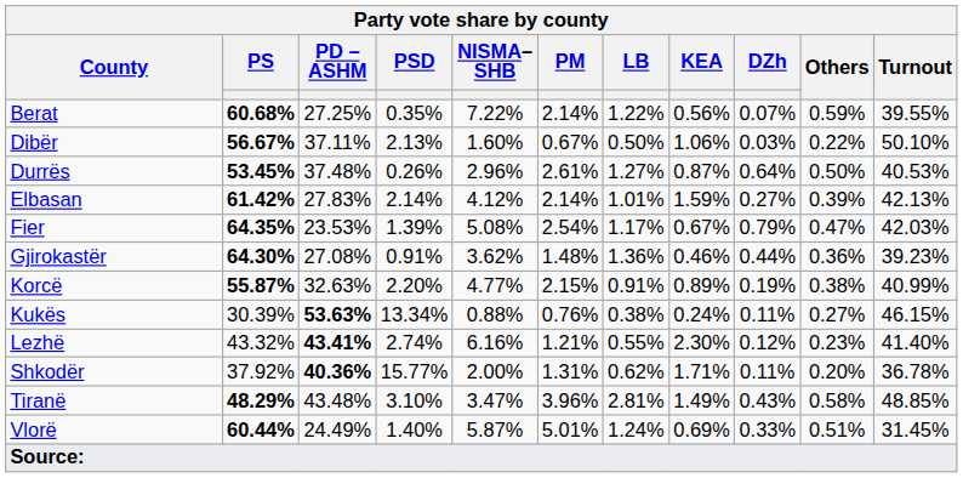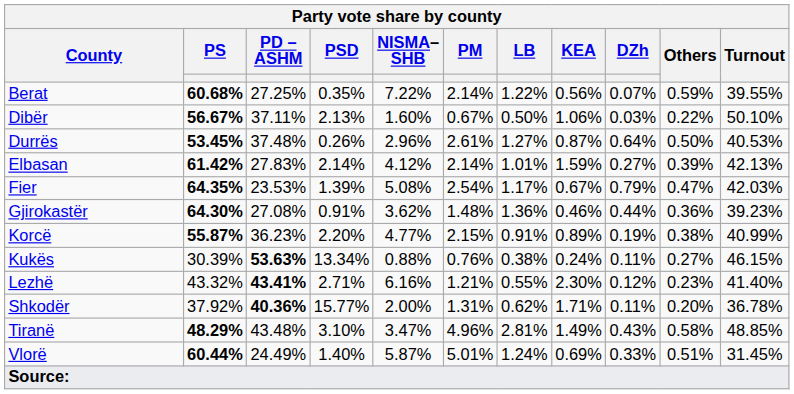 <table class="wikitable sortable" style="text-align:center;font-size:90%;line-height:14px">
 <tr>
 <th colspan="11">Party vote share by county</th>
 </tr>
 <tr style="height:40px;">
 <th class="wikitable sortable" style="width:150px;" rowspan="2"><a href='#'>County</a></th>
 <th class="wikitable sortable" style="width:40px;"><a href='#'>PS</a></th>
 <th class="wikitable sortable" style="width:40px;"><a href='#'>PD – ASHM</a></th>
 <th class="wikitable sortable" style="width:40px;"><a href='#'>PSD</a></th>
 <th class="wikitable sortable" style="width:40px;"><a href='#'>NISMA</a>–<a href='#'>SHB</a></th>
 <th class="wikitable sortable" style="width:40px;"><a href='#'>PM</a></th>
 <th class="wikitable sortable" style="width:40px;"><a href='#'>LB</a></th>
 <th class="wikitable sortable" style="width:40px;"><a href='#'>KEA</a></th>
 <th class="wikitable sortable" style="width:40px;"><a href='#'>DZh</a></th>
 <th class="wikitable sortable" style="width:40px;" rowspan="2">Others</th>
 <th class="wikitable sortable" style="width:40px;" rowspan="2">Turnout</th>
 </tr>
 <tr>
 <th class="wikitable sortable" style="background:"></th>
 <th class="wikitable sortable" style="background:"></th>
 <th class="wikitable sortable" style="background:"></th>
 <th class="wikitable sortable" style="background:"></th>
 <th class="wikitable sortable" style="background:"></th>
 <th class="wikitable sortable" style="background:"></th>
 <th class="wikitable sortable" style="background:"></th>
 <th class="wikitable sortable" style="background:"></th>
 </tr>
 <tr>
 <td align="left"> <a href='#'>Berat</a></td>
 <td><strong>60.68%<br> </strong></td>
 <td>27.25%<br> </td>
 <td>0.35%<br> </td>
 <td>7.22%<br> </td>
 <td>2.14%<br> </td>
 <td>1.22%<br> </td>
 <td>0.56%<br> </td>
 <td>0.07%<br> </td>
 <td>0.59%<br> </td>
 <td>39.55%</td>
 </tr>
 <tr>
 <td align="left"> <a href='#'>Dibër</a></td>
 <td><strong>56.67%<br> </strong></td>
 <td>37.11%<br> </td>
 <td>2.13%<br> </td>
 <td>1.60%<br> </td>
 <td>0.67%<br> </td>
 <td>0.50%<br> </td>
 <td>1.06%<br> </td>
 <td>0.03%<br> </td>
 <td>0.22%<br> </td>
 <td>50.10%</td>
 </tr>
 <tr>
 <td align="left"> <a href='#'>Durrës</a></td>
 <td><strong>53.45%<br> </strong></td>
 <td>37.48%<br> </td>
 <td>0.26%<br> </td>
 <td>2.96%<br> </td>
 <td>2.61%<br> </td>
 <td>1.27%<br> </td>
 <td>0.87%<br> </td>
 <td>0.64%<br> </td>
 <td>0.50%<br> </td>
 <td>40.53%</td>
 </tr>
 <tr>
 <td align="left"> <a href='#'>Elbasan</a></td>
 <td><strong>61.42%<br> </strong></td>
 <td>27.83%<br> </td>
 <td>2.14%<br> </td>
 <td>4.12%<br> </td>
 <td>2.14%<br> </td>
 <td>1.01%<br> </td>
 <td>1.59%<br> </td>
 <td>0.27%<br> </td>
 <td>0.39%<br> </td>
 <td>42.13%</td>
 </tr>
 <tr>
 <td align="left"> <a href='#'>Fier</a></td>
 <td><strong>64.35%<br> </strong></td>
 <td>23.53%<br> </td>
 <td>1.39%<br> </td>
 <td>5.08%<br> </td>
 <td>2.54%<br> </td>
 <td>1.17%<br> </td>
 <td>0.67%<br> </td>
 <td>0.79%<br> </td>
 <td>0.47%<br> </td>
 <td>42.03%</td>
 </tr>
 <tr>
 <td align="left"> <a href='#'>Gjirokastër</a></td>
 <td><strong>64.30%<br> </strong></td>
 <td>27.08%<br> </td>
 <td>0.91%<br> </td>
 <td>3.62%<br> </td>
 <td>1.48%<br> </td>
 <td>1.36%<br> </td>
 <td>0.46%<br> </td>
 <td>0.44%<br> </td>
 <td>0.36%<br> </td>
 <td>39.23%</td>
 </tr>
 <tr>
 <td align="left"> <a href='#'>Korcë</a></td>
 <td><strong>55.87%<br> </strong></td>
-<td>32.63%<br> </td>
+<td>36.23%<br> </td>
 <td>2.20%<br> </td>
 <td>4.77%<br> </td>
 <td>2.15%<br> </td>
 <td>0.91%<br> </td>
 <td>0.89%<br> </td>
 <td>0.19%<br> </td>
 <td>0.38%<br> </td>
 <td>40.99%</td>
 </tr>
 <tr>
 <td align="left"> <a href='#'>Kukës</a></td>
 <td>30.39%<br> </td>
 <td><strong>53.63%</strong><br> </td>
 <td>13.34%<br> </td>
 <td>0.88%<br> </td>
 <td>0.76%<br> </td>
 <td>0.38%<br> </td>
 <td>0.24%<br> </td>
 <td>0.11%<br> </td>
 <td>0.27%<br> </td>
 <td>46.15%</td>
 </tr>
 <tr>
 <td align="left"> <a href='#'>Lezhë</a></td>
 <td>43.32%<br> </td>
 <td><strong>43.41%<br> </strong></td>
-<td>2.74%<br> </td>
+<td>2.71%<br> </td>
 <td>6.16%<br> </td>
 <td>1.21%<br> </td>
 <td>0.55%<br> </td>
 <td>2.30%<br> </td>
 <td>0.12%<br> </td>
 <td>0.23%<br> </td>
 <td>41.40%</td>
 </tr>
 <tr>
 <td align="left"> <a href='#'>Shkodër</a></td>
 <td>37.92%<br> </td>
 <td><strong>40.36%<br> </strong></td>
 <td>15.77%<br> </td>
 <td>2.00%<br> </td>
 <td>1.31%<br> </td>
 <td>0.62%<br> </td>
 <td>1.71%<br> </td>
 <td>0.11%<br> </td>
 <td>0.20%<br> </td>
 <td>36.78%</td>
 </tr>
 <tr>
 <td align="left"> <a href='#'>Tiranë</a></td>
 <td><strong>48.29%<br> </strong></td>
 <td>43.48%<br> </td>
 <td>3.10%<br> </td>
 <td>3.47%<br> </td>
-<td>3.96%<br> </td>
+<td>4.96%<br> </td>
 <td>2.81%<br> </td>
 <td>1.49%<br> </td>
 <td>0.43%<br> </td>
 <td>0.58%<br> </td>
 <td>48.85%</td>
 </tr>
 <tr>
 <td align="left"> <a href='#'>Vlorë</a></td>
 <td><strong>60.44%<br> </strong></td>
 <td>24.49%<br> </td>
 <td>1.40%<br> </td>
 <td>5.87%<br> </td>
 <td>5.01%<br> </td>
 <td>1.24%<br> </td>
 <td>0.69%<br> </td>
 <td>0.33%<br> </td>
 <td>0.51%<br> </td>
 <td>31.45%</td>
 </tr>
 <tr class="sortbottom">
 <td colspan="13" style="text-align:left; background-color:#eaecf0"><strong>Source: </strong></td>
 </tr>
 </table>
